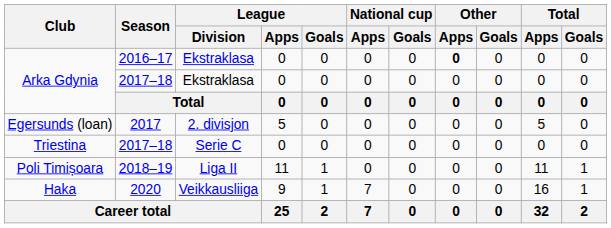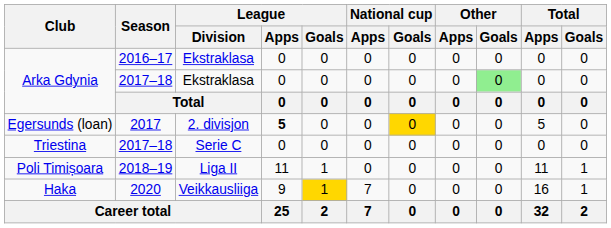 <table class="wikitable" style="text-align:center">
 <tr>
 <th rowspan="2">Club</th>
 <th rowspan="2">Season</th>
 <th colspan="3">League</th>
 <th colspan="2">National cup</th>
 <th colspan="2">Other</th>
 <th colspan="2">Total</th>
 </tr>
 <tr>
 <th>Division</th>
 <th>Apps</th>
 <th>Goals</th>
 <th>Apps</th>
 <th>Goals</th>
 <th>Apps</th>
 <th>Goals</th>
 <th>Apps</th>
 <th>Goals</th>
 </tr>
 <tr>
 <td rowspan="3"><a href='#'>Arka Gdynia</a></td>
 <td><a href='#'>2016–17</a></td>
 <td><a href='#'>Ekstraklasa</a></td>
 <td>0</td>
 <td>0</td>
 <td>0</td>
 <td>0</td>
-<td><strong>0</strong></td>
+<td>0</td>
 <td>0</td>
 <td>0</td>
 <td>0</td>
 </tr>
 <tr>
 <td><a href='#'>2017–18</a></td>
 <td>Ekstraklasa</td>
 <td>0</td>
 <td>0</td>
 <td>0</td>
 <td>0</td>
 <td>0</td>
-<td>0</td>
+<td style="background: lightgreen;">0</td>
 <td>0</td>
 <td>0</td>
 </tr>
 <tr>
 <th colspan="2">Total</th>
 <th>0</th>
 <th>0</th>
 <th>0</th>
 <th>0</th>
 <th>0</th>
 <th>0</th>
 <th>0</th>
 <th>0</th>
 </tr>
 <tr>
 <td><a href='#'>Egersunds</a> (loan)</td>
 <td><a href='#'>2017</a></td>
 <td><a href='#'>2. divisjon</a></td>
-<td>5</td>
+<td><strong>5</strong></td>
 <td>0</td>
 <td>0</td>
-<td>0</td>
+<td style="background: gold;">0</td>
 <td>0</td>
 <td>0</td>
 <td>5</td>
 <td>0</td>
 </tr>
 <tr>
 <td><a href='#'>Triestina</a></td>
 <td><a href='#'>2017–18</a></td>
 <td><a href='#'>Serie C</a></td>
 <td>0</td>
 <td>0</td>
 <td>0</td>
 <td>0</td>
 <td>0</td>
 <td>0</td>
 <td>0</td>
 <td>0</td>
 </tr>
 <tr>
 <td><a href='#'>Poli Timișoara</a></td>
 <td><a href='#'>2018–19</a></td>
 <td><a href='#'>Liga II</a></td>
 <td>11</td>
 <td>1</td>
 <td>0</td>
 <td>0</td>
 <td>0</td>
 <td>0</td>
 <td>11</td>
 <td>1</td>
 </tr>
 <tr>
 <td><a href='#'>Haka</a></td>
 <td><a href='#'>2020</a></td>
 <td><a href='#'>Veikkausliiga</a></td>
 <td>9</td>
-<td>1</td>
+<td style="background: gold;">1</td>
 <td>7</td>
 <td>0</td>
 <td>0</td>
 <td>0</td>
 <td>16</td>
 <td>1</td>
 </tr>
 <tr>
 <th colspan="3">Career total</th>
 <th>25</th>
 <th>2</th>
 <th>7</th>
 <th>0</th>
 <th>0</th>
 <th>0</th>
 <th>32</th>
 <th>2</th>
 </tr>
 </table>
